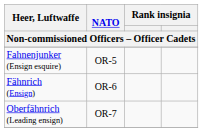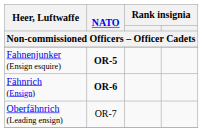 <table class="wikitable">
 <tr>
 <th rowspan="2">Heer, Luftwaffe</th>
 <th rowspan="2"><br><a href='#'>NATO</a></th>
 <th colspan="4">Rank insignia</th>
 </tr>
 <tr>
 <th></th>
 <th></th>
 </tr>
 <tr>
 <th colspan="10">Non-commissioned Officers – Officer Cadets</th>
 </tr>
 <tr>
 </tr>
 <tr>
 <td><a href='#'>Fahnenjunker</a><br><small>(Ensign esquire)</small></td>
-<td align="center">OR-5</td>
+<td align="center"><strong>OR-5</strong></td>
 <td></td>
 <td></td>
 </tr>
 <tr>
 <td><a href='#'>Fähnrich</a><br><small>(<a href='#'>Ensign</a>)</small></td>
-<td align="center">OR-6</td>
+<td align="center"><strong>OR-6</strong></td>
 <td></td>
 <td></td>
 </tr>
 <tr>
 <td><a href='#'>Oberfähnrich</a><br><small>(Leading ensign)</small></td>
 <td align="center">OR-7</td>
 <td></td>
 <td></td>
 </tr>
 <tr>
 </tr>
 </table>
